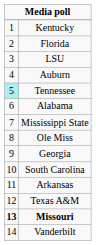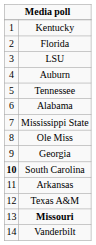 <table class="wikitable">
 <tr align="center">
 <td align="center" Colspan="3"><strong>Media poll</strong></td>
 </tr>
 <tr align="center">
 </tr>
 <tr align="center">
 <td>1</td>
 <td>Kentucky</td>
 </tr>
 <tr align="center">
 <td>2</td>
 <td>Florida</td>
 </tr>
 <tr align="center">
 <td>3</td>
 <td>LSU</td>
 </tr>
 <tr align="center">
 <td>4</td>
 <td>Auburn</td>
 </tr>
 <tr align="center">
-<td style="background: paleturquoise;">5</td>
+<td>5</td>
 <td>Tennessee</td>
 </tr>
 <tr align="center">
 <td>6</td>
 <td>Alabama</td>
 </tr>
 <tr align="center">
 <td>7</td>
 <td>Mississippi State</td>
 </tr>
 <tr align="center">
 <td>8</td>
 <td>Ole Miss</td>
 </tr>
 <tr align="center">
 <td>9</td>
 <td>Georgia</td>
 </tr>
 <tr align="center">
-<td>10</td>
+<td><strong>10</strong></td>
 <td>South Carolina</td>
 </tr>
 <tr align="center">
 <td>11</td>
 <td>Arkansas</td>
 </tr>
 <tr align="center">
 <td>12</td>
 <td>Texas A&M</td>
 </tr>
 <tr align="center">
-<td><strong>13</strong></td>
+<td>13</td>
 <td><strong>Missouri</strong></td>
 </tr>
 <tr align="center">
 <td>14</td>
 <td>Vanderbilt</td>
 </tr>
 </table>
